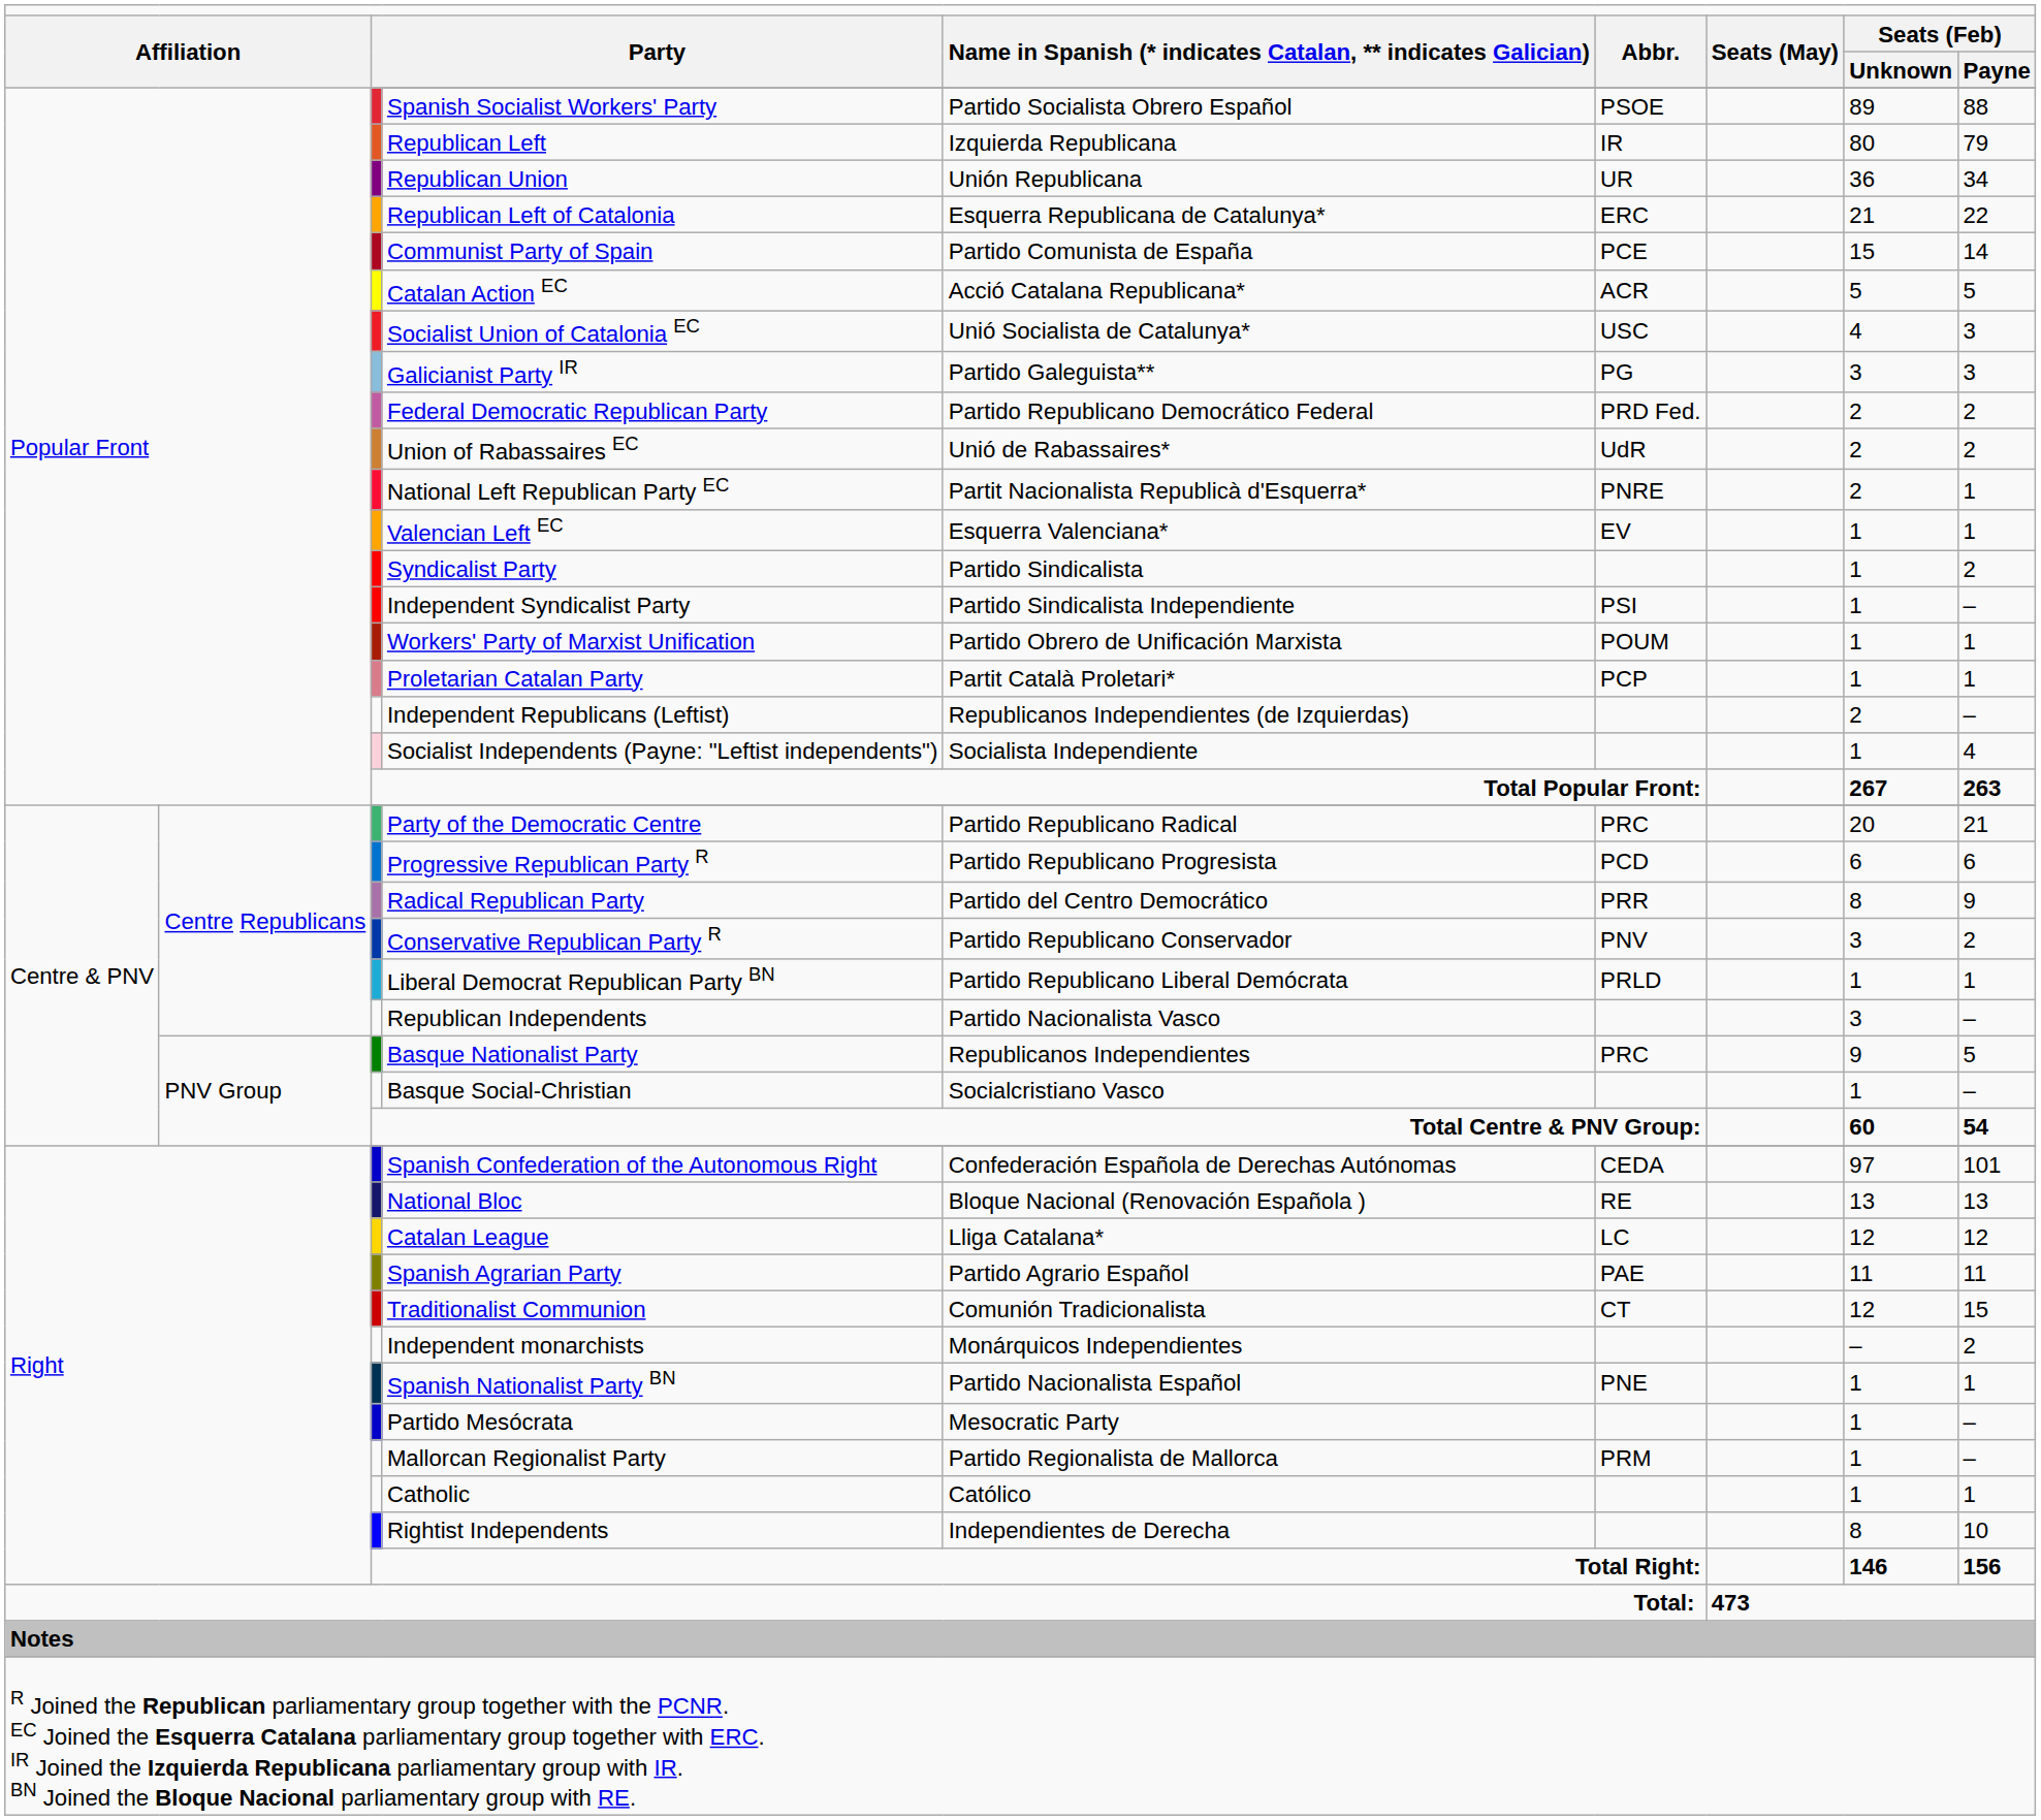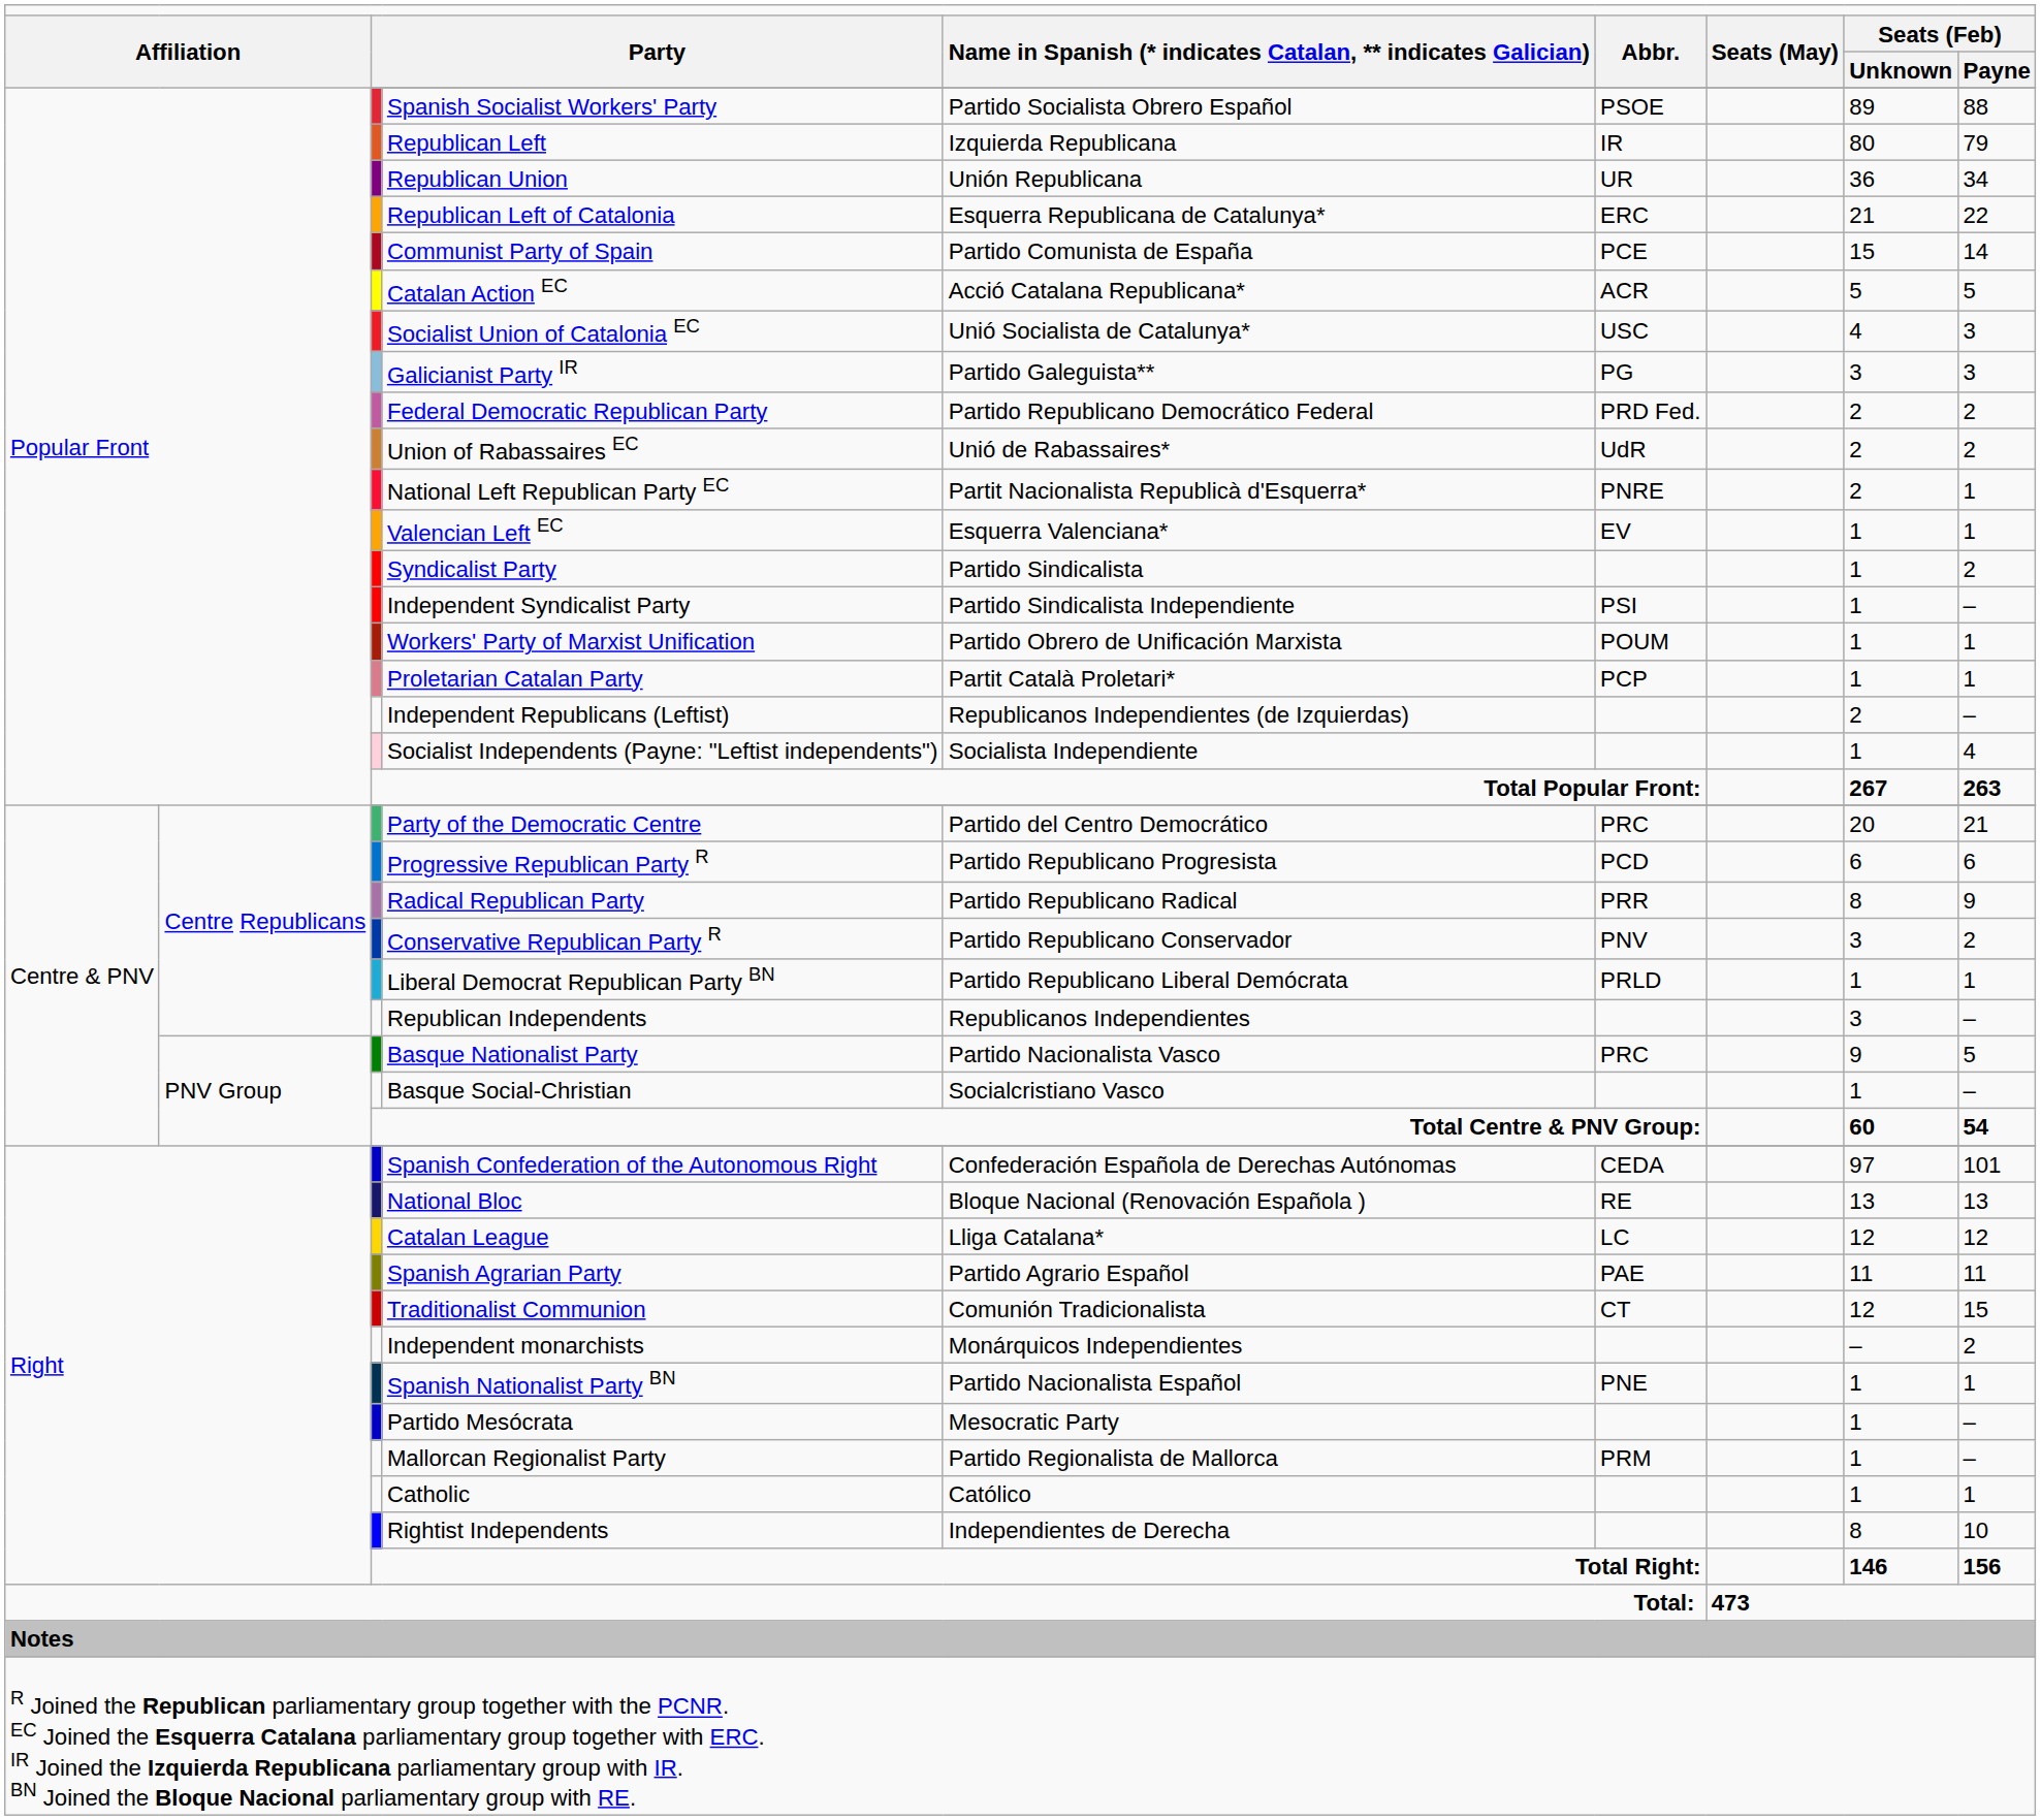 <table class="wikitable" style="font-size:95%">
 <tr>
 <td colspan="11" style="text-align: center;"></td>
 </tr>
 <tr>
 <th colspan="2" rowspan="2">Affiliation</th>
 <th rowspan=2 colspan=2>Party</th>
 <th rowspan=2>Name in Spanish (* indicates <a href='#'>Catalan</a>, ** indicates <a href='#'>Galician</a>)</th>
 <th rowspan=2>Abbr.</th>
 <th rowspan=2>Seats (May)</th>
 <th colspan=2>Seats (Feb)</th>
 </tr>
 <tr>
 <th>Unknown</th>
 <th>Payne</th>
 </tr>
 <tr>
 <td colspan="2" rowspan="20"><a href='#'>Popular Front</a></td>
 </tr>
 <tr>
 <td bgcolor="#e32636"></td>
 <td style="text-align:left"><a href='#'>Spanish Socialist Workers' Party</a></td>
 <td>Partido Socialista Obrero Español</td>
 <td>PSOE</td>
 <td></td>
 <td>89</td>
 <td>88</td>
 </tr>
 <tr>
 <td bgcolor="#e25822"></td>
 <td style="text-align:left"><a href='#'>Republican Left</a></td>
 <td>Izquierda Republicana</td>
 <td>IR</td>
 <td></td>
 <td>80</td>
 <td>79</td>
 </tr>
 <tr>
 <td bgcolor="purple"></td>
 <td style="text-align: left"><a href='#'>Republican Union</a></td>
 <td>Unión Republicana</td>
 <td>UR</td>
 <td></td>
 <td>36</td>
 <td>34</td>
 </tr>
 <tr>
 <td bgcolor="orange"></td>
 <td style="text-align: left"><a href='#'>Republican Left of Catalonia</a></td>
 <td>Esquerra Republicana de Catalunya*</td>
 <td>ERC</td>
 <td></td>
 <td>21</td>
 <td>22</td>
 </tr>
 <tr>
 <td bgcolor="#ac0621"></td>
 <td style="text-align:left"><a href='#'>Communist Party of Spain</a></td>
 <td>Partido Comunista de España</td>
 <td>PCE</td>
 <td></td>
 <td>15</td>
 <td>14</td>
 </tr>
 <tr>
 <td bgcolor="yellow"></td>
 <td style="text-align:left"><a href='#'>Catalan Action</a> <sup>EC</sup></td>
 <td>Acció Catalana Republicana*</td>
 <td>ACR</td>
 <td></td>
 <td>5</td>
 <td>5</td>
 </tr>
 <tr>
 <td bgcolor="#EF1C27"></td>
 <td style="text-align: left"><a href='#'>Socialist Union of Catalonia</a> <sup>EC</sup></td>
 <td>Unió Socialista de Catalunya*</td>
 <td>USC</td>
 <td></td>
 <td>4</td>
 <td>3</td>
 </tr>
 <tr>
 <td bgcolor="#88bddc"></td>
 <td style="text-align:left"><a href='#'>Galicianist Party</a> <sup>IR</sup></td>
 <td>Partido Galeguista**</td>
 <td>PG</td>
 <td></td>
 <td>3</td>
 <td>3</td>
 </tr>
 <tr>
 <td bgcolor="#C05BA1"></td>
 <td style="text-align:left"><a href='#'>Federal Democratic Republican Party</a></td>
 <td>Partido Republicano Democrático Federal</td>
 <td>PRD Fed.</td>
 <td></td>
 <td>2</td>
 <td>2</td>
 </tr>
 <tr>
 <td bgcolor="#cd7f32"></td>
 <td style="text-align:left">Union of Rabassaires <sup>EC</sup></td>
 <td>Unió de Rabassaires*</td>
 <td>UdR</td>
 <td></td>
 <td>2</td>
 <td>2</td>
 </tr>
 <tr>
 <td bgcolor="#fd0e35"></td>
 <td style="text-align: left">National Left Republican Party <sup>EC</sup></td>
 <td>Partit Nacionalista Republicà d'Esquerra*</td>
 <td>PNRE</td>
 <td></td>
 <td>2</td>
 <td>1</td>
 </tr>
 <tr>
 <td bgcolor="orange"></td>
 <td style="text-align: left"><a href='#'>Valencian Left</a> <sup>EC</sup></td>
 <td>Esquerra Valenciana*</td>
 <td>EV</td>
 <td></td>
 <td>1</td>
 <td>1</td>
 </tr>
 <tr>
 <td bgcolor="red"></td>
 <td style="text-align:left"><a href='#'>Syndicalist Party</a></td>
 <td>Partido Sindicalista</td>
 <td> </td>
 <td></td>
 <td>1</td>
 <td>2</td>
 </tr>
 <tr>
 <td bgcolor="red"></td>
 <td>Independent Syndicalist Party</td>
 <td>Partido Sindicalista Independiente</td>
 <td>PSI</td>
 <td></td>
 <td>1</td>
 <td>–</td>
 </tr>
 <tr>
 <td bgcolor="#a81c07"></td>
 <td style="text-align: left"><a href='#'>Workers' Party of Marxist Unification</a></td>
 <td>Partido Obrero de Unificación Marxista</td>
 <td>POUM</td>
 <td></td>
 <td>1</td>
 <td>1</td>
 </tr>
 <tr>
 <td bgcolor="#da7b8b"></td>
 <td style="text-align:left"><a href='#'>Proletarian Catalan Party</a></td>
 <td>Partit Català Proletari*</td>
 <td>PCP</td>
 <td></td>
 <td>1</td>
 <td>1</td>
 </tr>
 <tr>
 <td></td>
 <td>Independent Republicans (Leftist)</td>
 <td>Republicanos Independientes (de Izquierdas)</td>
 <td></td>
 <td></td>
 <td>2</td>
 <td>–</td>
 </tr>
 <tr>
 <td bgcolor="#ffd1dc"></td>
 <td style="text-align:left">Socialist Independents (Payne: "Leftist independents")</td>
 <td>Socialista Independiente</td>
 <td> </td>
 <td></td>
 <td>1</td>
 <td>4</td>
 </tr>
 <tr>
 <td colspan="4" style="text-align:right"><strong>Total Popular Front:</strong></td>
 <td></td>
 <td><strong>267</strong></td>
 <td><strong>263</strong></td>
 </tr>
 <tr>
 <td rowspan="10">Centre & PNV</td>
 <td rowspan="7"><a href='#'>Centre</a> <a href='#'>Republicans</a></td>
 </tr>
 <tr>
 <td bgcolor="#3cb371"></td>
 <td style="text-align:left"><a href='#'>Party of the Democratic Centre</a></td>
-<td>Partido Republicano Radical</td>
+<td>Partido del Centro Democrático</td>
 <td>PRC</td>
 <td></td>
 <td>20</td>
 <td>21</td>
 </tr>
 <tr>
 <td bgcolor="#0073cf"></td>
 <td style="text-align: left"><a href='#'>Progressive Republican Party</a> <sup>R</sup> </td>
 <td>Partido Republicano Progresista</td>
 <td>PCD</td>
 <td></td>
 <td>6</td>
 <td>6</td>
 </tr>
 <tr>
 <td bgcolor="#A871A8"></td>
 <td style="text-align:left"><a href='#'>Radical Republican Party</a></td>
-<td>Partido del Centro Democrático</td>
+<td>Partido Republicano Radical</td>
 <td>PRR</td>
 <td></td>
 <td>8</td>
 <td>9</td>
 </tr>
 <tr>
 <td bgcolor="#0038a8"></td>
 <td><a href='#'>Conservative Republican Party</a> <sup>R</sup></td>
 <td>Partido Republicano Conservador</td>
 <td>PNV</td>
 <td></td>
 <td>3</td>
 <td>2</td>
 </tr>
 <tr>
 <td bgcolor="#1dacd6"></td>
 <td style="text-align: left">Liberal Democrat Republican Party <sup>BN</sup></td>
 <td>Partido Republicano Liberal Demócrata</td>
 <td>PRLD</td>
 <td></td>
 <td>1</td>
 <td>1</td>
 </tr>
 <tr>
 <td></td>
 <td style="text-align:left">Republican Independents</td>
-<td>Partido Nacionalista Vasco</td>
+<td>Republicanos Independientes</td>
 <td> </td>
 <td></td>
 <td>3</td>
 <td>–</td>
 </tr>
 <tr>
 <td rowspan="3">PNV Group</td>
 <td bgcolor="#008000"></td>
 <td style="text-align:left"><a href='#'>Basque Nationalist Party</a></td>
-<td>Republicanos Independientes</td>
+<td>Partido Nacionalista Vasco</td>
 <td>PRC</td>
 <td></td>
 <td>9</td>
 <td>5</td>
 </tr>
 <tr>
 <td></td>
 <td>Basque Social-Christian</td>
 <td>Socialcristiano Vasco</td>
 <td></td>
 <td></td>
 <td>1</td>
 <td>–</td>
 </tr>
 <tr>
 <td colspan="4" style="text-align:right"><strong>Total Centre & PNV Group:</strong></td>
 <td></td>
 <td><strong>60</strong></td>
 <td><strong>54</strong></td>
 </tr>
 <tr>
 <td colspan="2" rowspan="13"><a href='#'>Right</a></td>
 </tr>
 <tr>
 <td bgcolor="#0000c8"></td>
 <td style="text-align:left"><a href='#'>Spanish Confederation of the Autonomous Right</a></td>
 <td>Confederación Española de Derechas Autónomas</td>
 <td>CEDA</td>
 <td></td>
 <td>97</td>
 <td>101</td>
 </tr>
 <tr>
 <td bgcolor="#16166b"></td>
 <td style="text-align:left"><a href='#'>National Bloc</a></td>
 <td>Bloque Nacional (Renovación Española )</td>
 <td>RE</td>
 <td></td>
 <td>13</td>
 <td>13</td>
 </tr>
 <tr>
 <td bgcolor="#ffd700"></td>
 <td><a href='#'>Catalan League</a></td>
 <td>Lliga Catalana*</td>
 <td>LC</td>
 <td></td>
 <td>12</td>
 <td>12</td>
 </tr>
 <tr>
 <td bgcolor="#808000"></td>
 <td style="text-align: left"><a href='#'>Spanish Agrarian Party</a></td>
 <td>Partido Agrario Español</td>
 <td>PAE</td>
 <td></td>
 <td>11</td>
 <td>11</td>
 </tr>
 <tr>
 <td bgcolor="#cc0000"></td>
 <td style="text-align: left"><a href='#'>Traditionalist Communion</a></td>
 <td>Comunión Tradicionalista</td>
 <td>CT</td>
 <td></td>
 <td>12</td>
 <td>15</td>
 </tr>
 <tr>
 <td></td>
 <td style="text-align:left">Independent monarchists</td>
 <td>Monárquicos Independientes</td>
 <td> </td>
 <td></td>
 <td>–</td>
 <td>2</td>
 </tr>
 <tr>
 <td bgcolor="#003153"></td>
 <td style="text-align: left"><a href='#'>Spanish Nationalist Party</a> <sup>BN</sup></td>
 <td>Partido Nacionalista Español</td>
 <td>PNE</td>
 <td></td>
 <td>1</td>
 <td>1</td>
 </tr>
 <tr>
 <td bgcolor="#0000c8"></td>
 <td style="text-align: left">Partido Mesócrata</td>
 <td>Mesocratic Party</td>
 <td> </td>
 <td></td>
 <td>1</td>
 <td>–</td>
 </tr>
 <tr>
 <td></td>
 <td style="text-align: left">Mallorcan Regionalist Party</td>
 <td>Partido Regionalista de Mallorca</td>
 <td>PRM</td>
 <td></td>
 <td>1</td>
 <td>–</td>
 </tr>
 <tr>
 <td></td>
 <td>Catholic</td>
 <td>Católico</td>
 <td></td>
 <td></td>
 <td>1</td>
 <td>1</td>
 </tr>
 <tr>
 <td bgcolor="blue"></td>
 <td style="text-align: left">Rightist Independents</td>
 <td>Independientes de Derecha</td>
 <td> </td>
 <td></td>
 <td>8</td>
 <td>10</td>
 </tr>
 <tr>
 <td colspan="4" style="text-align:right"><strong>Total Right:</strong></td>
 <td></td>
 <td><strong>146</strong></td>
 <td><strong>156</strong></td>
 </tr>
 <tr>
 <td colspan="6" style="text-align:right"><strong>Total: </strong></td>
 <td colspan="3"><strong>473</strong></td>
 </tr>
 <tr ---->
 <td colspan="11" style="background: #C0C0C0"><strong>Notes</strong></td>
 </tr>
 <tr ---->
 <td style="text-align:left;" colspan=9><br><sup>R</sup> Joined the <strong>Republican</strong> parliamentary group together with the <a href='#'>PCNR</a>.<br> <sup>EC</sup> Joined the <strong>Esquerra Catalana</strong> parliamentary group together with <a href='#'>ERC</a>.<br> <sup>IR</sup> Joined the <strong>Izquierda Republicana</strong> parliamentary group with <a href='#'>IR</a>.<br> <sup>BN</sup> Joined the <strong>Bloque Nacional</strong> parliamentary group with <a href='#'>RE</a>.<br> </td>
 </tr>
 </table>
